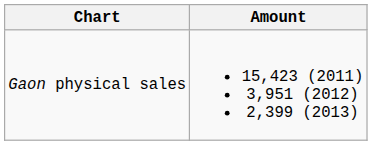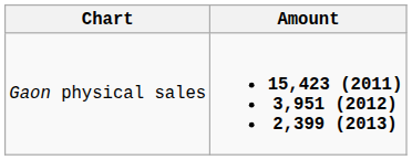 <table class="wikitable">
 <tr>
 <th>Chart</th>
 <th>Amount</th>
 </tr>
 <tr>
 <td><em>Gaon</em> physical sales</td>
-<td align="center"><br><ul><li>15,423 (2011)</li><li>3,951 (2012)</li><li>2,399 (2013)</li></ul></td>
+<td align="center"><strong><br><ul><li>15,423 (2011)</li><li>3,951 (2012)</li><li>2,399 (2013)</li></ul></strong></td>
 </tr>
 </table>
